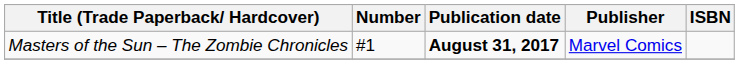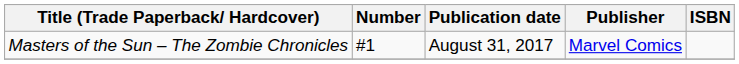 <table class="wikitable">
 <tr>
 <th>Title (Trade Paperback/ Hardcover)</th>
 <th>Number</th>
 <th>Publication date</th>
 <th>Publisher</th>
 <th>ISBN</th>
 </tr>
 <tr>
 <td><em>Masters of the Sun – The Zombie Chronicles</em></td>
 <td>#1</td>
-<td><strong>August 31, 2017</strong></td>
+<td>August 31, 2017</td>
 <td><a href='#'>Marvel Comics</a></td>
 <td style=white-space:nowrap></td>
 </tr>
 <tr>
 </tr>
 </table>
